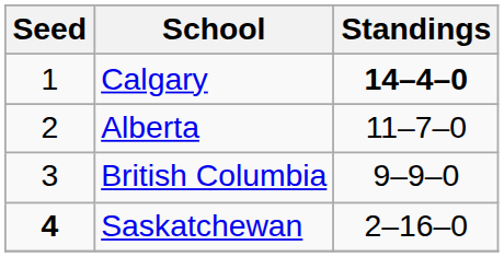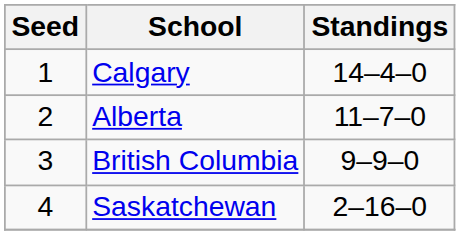 <table class="wikitable">
 <tr>
 <th>Seed</th>
 <th>School</th>
 <th>Standings</th>
 </tr>
 <tr>
 <td align=center>1</td>
 <td><a href='#'>Calgary</a></td>
-<td align=center><strong>14–4–0</strong></td>
+<td align=center>14–4–0</td>
 </tr>
 <tr>
 <td align=center>2</td>
 <td><a href='#'>Alberta</a></td>
 <td align=center>11–7–0</td>
 </tr>
 <tr>
 <td align=center>3</td>
 <td><a href='#'>British Columbia</a></td>
 <td align=center>9–9–0</td>
 </tr>
 <tr>
-<td align=center><strong>4</strong></td>
+<td align=center>4</td>
 <td><a href='#'>Saskatchewan</a></td>
 <td align=center>2–16–0</td>
 </tr>
 <tr>
 </tr>
 </table>
